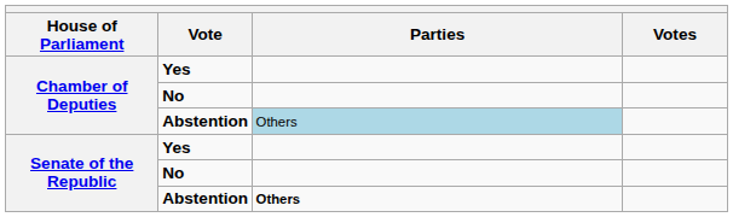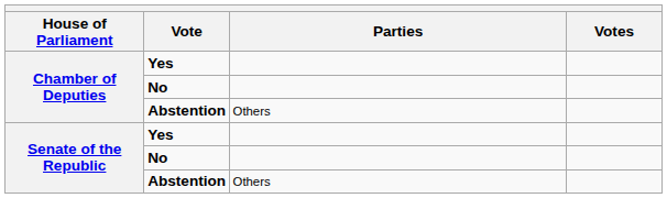 <table class="wikitable" style="font-size:85%;">
 <tr>
 <th colspan="4"></th>
 </tr>
 <tr>
 <th width="120px">House of <a href='#'>Parliament</a></th>
 <th width="60px">Vote</th>
 <th width="300px">Parties</th>
 <th width="80px" align="center">Votes</th>
 </tr>
 <tr>
 <th rowspan="3"><a href='#'>Chamber of Deputies</a></th>
 <td><strong> Yes</strong></td>
 <td></td>
 <td></td>
 </tr>
 <tr>
 <td><strong> No</strong></td>
 <td></td>
 <td></td>
 </tr>
 <tr>
 <td><strong>Abstention</strong></td>
-<td style="background: lightblue;"><small>Others</small></td>
+<td><small>Others</small></td>
 <td></td>
 </tr>
 <tr>
 <th rowspan="3"><a href='#'>Senate of the Republic</a></th>
 <td><strong> Yes</strong></td>
 <td></td>
 <td></td>
 </tr>
 <tr>
 <td><strong> No</strong></td>
 <td></td>
 <td></td>
 </tr>
 <tr>
 <td><strong>Abstention</strong></td>
-<td><strong><small>Others</small></strong></td>
+<td><small>Others</small></td>
 <td></td>
 </tr>
 </table>
